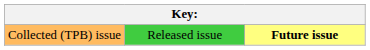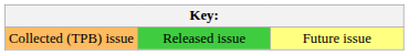 <table class="wikitable" border="1">
 <tr>
 <th colspan="3">Key:</th>
 </tr>
 <tr>
 <td style="background-color:#FFBB60;" width="33%" align="center">Collected (TPB) issue</td>
 <td style="background-color:#40CC40;" width="33%" align="center">Released issue</td>
-<td style="background-color:#FFFF80;" width="33%" align="center"><strong>Future issue</strong></td>
+<td style="background-color:#FFFF80;" width="33%" align="center">Future issue</td>
 </tr>
 </table>
